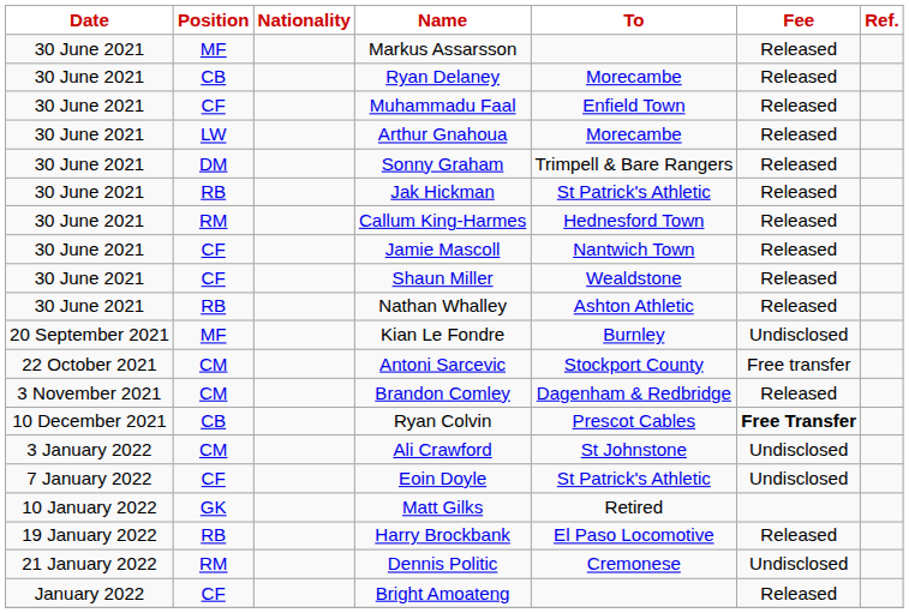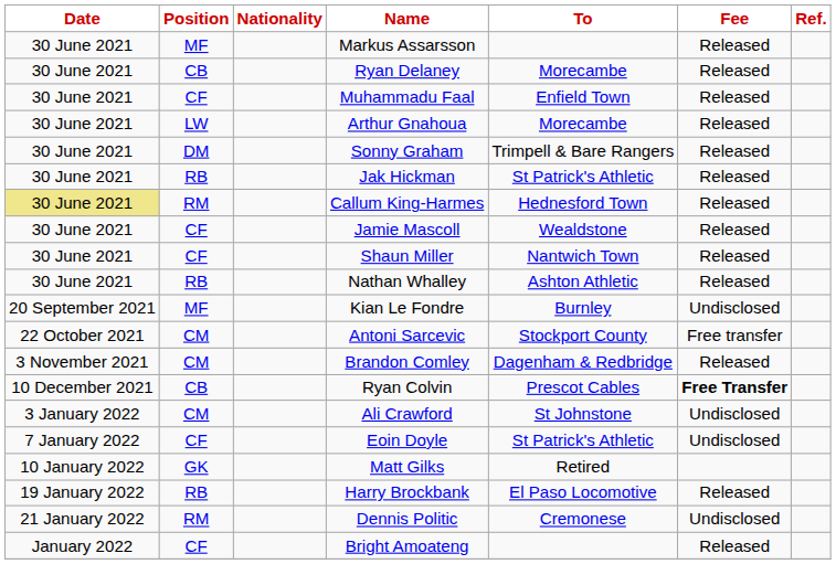 <table class="wikitable"  style="text-align:center; font-size:90%; ">
 <tr>
 <th style="background:#ffffff;color:#cc0000;">Date</th>
 <th style="background:#ffffff;color:#cc0000;">Position</th>
 <th style="background:#ffffff;color:#cc0000;">Nationality</th>
 <th style="background:#ffffff;color:#cc0000;">Name</th>
 <th style="background:#ffffff;color:#cc0000;">To</th>
 <th style="background:#ffffff;color:#cc0000;">Fee</th>
 <th style="background:#ffffff;color:#cc0000;">Ref.</th>
 </tr>
 <tr>
 <td>30 June 2021</td>
 <td><a href='#'>MF</a></td>
 <td></td>
 <td>Markus Assarsson</td>
 <td></td>
 <td>Released</td>
 <td></td>
 </tr>
 <tr>
 <td>30 June 2021</td>
 <td><a href='#'>CB</a></td>
 <td></td>
 <td><a href='#'>Ryan Delaney</a></td>
 <td> <a href='#'>Morecambe</a></td>
 <td>Released</td>
 <td></td>
 </tr>
 <tr>
 <td>30 June 2021</td>
 <td><a href='#'>CF</a></td>
 <td></td>
 <td><a href='#'>Muhammadu Faal</a></td>
 <td> <a href='#'>Enfield Town</a></td>
 <td>Released</td>
 <td></td>
 </tr>
 <tr>
 <td>30 June 2021</td>
 <td><a href='#'>LW</a></td>
 <td></td>
 <td><a href='#'>Arthur Gnahoua</a></td>
 <td> <a href='#'>Morecambe</a></td>
 <td>Released</td>
 <td></td>
 </tr>
 <tr>
 <td>30 June 2021</td>
 <td><a href='#'>DM</a></td>
 <td></td>
 <td><a href='#'>Sonny Graham</a></td>
 <td> Trimpell & Bare Rangers</td>
 <td>Released</td>
 <td></td>
 </tr>
 <tr>
 <td>30 June 2021</td>
 <td><a href='#'>RB</a></td>
 <td></td>
 <td><a href='#'>Jak Hickman</a></td>
 <td> <a href='#'>St Patrick's Athletic</a></td>
 <td>Released</td>
 <td></td>
 </tr>
 <tr>
-<td>30 June 2021</td>
+<td style="background: khaki;">30 June 2021</td>
 <td><a href='#'>RM</a></td>
 <td></td>
 <td><a href='#'>Callum King-Harmes</a></td>
 <td> <a href='#'>Hednesford Town</a></td>
 <td>Released</td>
 <td></td>
 </tr>
 <tr>
 <td>30 June 2021</td>
 <td><a href='#'>CF</a></td>
 <td></td>
 <td><a href='#'>Jamie Mascoll</a></td>
-<td> <a href='#'>Nantwich Town</a></td>
+<td> <a href='#'>Wealdstone</a></td>
 <td>Released</td>
 <td></td>
 </tr>
 <tr>
 <td>30 June 2021</td>
 <td><a href='#'>CF</a></td>
 <td></td>
 <td><a href='#'>Shaun Miller</a></td>
-<td> <a href='#'>Wealdstone</a></td>
+<td> <a href='#'>Nantwich Town</a></td>
 <td>Released</td>
 <td></td>
 </tr>
 <tr>
 <td>30 June 2021</td>
 <td><a href='#'>RB</a></td>
 <td></td>
 <td>Nathan Whalley</td>
 <td> <a href='#'>Ashton Athletic</a></td>
 <td>Released</td>
 <td></td>
 </tr>
 <tr>
 <td>20 September 2021</td>
 <td><a href='#'>MF</a></td>
 <td></td>
 <td>Kian Le Fondre</td>
 <td> <a href='#'>Burnley</a></td>
 <td>Undisclosed</td>
 <td></td>
 </tr>
 <tr>
 <td>22 October 2021</td>
 <td><a href='#'>CM</a></td>
 <td></td>
 <td><a href='#'>Antoni Sarcevic</a></td>
 <td> <a href='#'>Stockport County</a></td>
 <td>Free transfer</td>
 <td></td>
 </tr>
 <tr>
 <td>3 November 2021</td>
 <td><a href='#'>CM</a></td>
 <td></td>
 <td><a href='#'>Brandon Comley</a></td>
 <td> <a href='#'>Dagenham & Redbridge</a></td>
 <td>Released</td>
 <td></td>
 </tr>
 <tr>
 <td>10 December 2021</td>
 <td><a href='#'>CB</a></td>
 <td></td>
 <td>Ryan Colvin</td>
 <td> <a href='#'>Prescot Cables</a></td>
 <td><strong>Free Transfer</strong></td>
 <td></td>
 </tr>
 <tr>
 <td>3 January 2022</td>
 <td><a href='#'>CM</a></td>
 <td></td>
 <td><a href='#'>Ali Crawford</a></td>
 <td> <a href='#'>St Johnstone</a></td>
 <td>Undisclosed</td>
 <td></td>
 </tr>
 <tr>
 <td>7 January 2022</td>
 <td><a href='#'>CF</a></td>
 <td></td>
 <td><a href='#'>Eoin Doyle</a></td>
 <td> <a href='#'>St Patrick's Athletic</a></td>
 <td>Undisclosed</td>
 <td></td>
 </tr>
 <tr>
 <td>10 January 2022</td>
 <td><a href='#'>GK</a></td>
 <td></td>
 <td><a href='#'>Matt Gilks</a></td>
 <td>Retired</td>
 <td></td>
 <td></td>
 </tr>
 <tr>
 <td>19 January 2022</td>
 <td><a href='#'>RB</a></td>
 <td></td>
 <td><a href='#'>Harry Brockbank</a></td>
 <td> <a href='#'>El Paso Locomotive</a></td>
 <td>Released</td>
 <td></td>
 </tr>
 <tr>
 <td>21 January 2022</td>
 <td><a href='#'>RM</a></td>
 <td></td>
 <td><a href='#'>Dennis Politic</a></td>
 <td> <a href='#'>Cremonese</a></td>
 <td>Undisclosed</td>
 <td></td>
 </tr>
 <tr>
 <td>January 2022</td>
 <td><a href='#'>CF</a></td>
 <td></td>
 <td><a href='#'>Bright Amoateng</a></td>
 <td></td>
 <td>Released</td>
 <td></td>
 </tr>
 <tr>
 </tr>
 </table>
